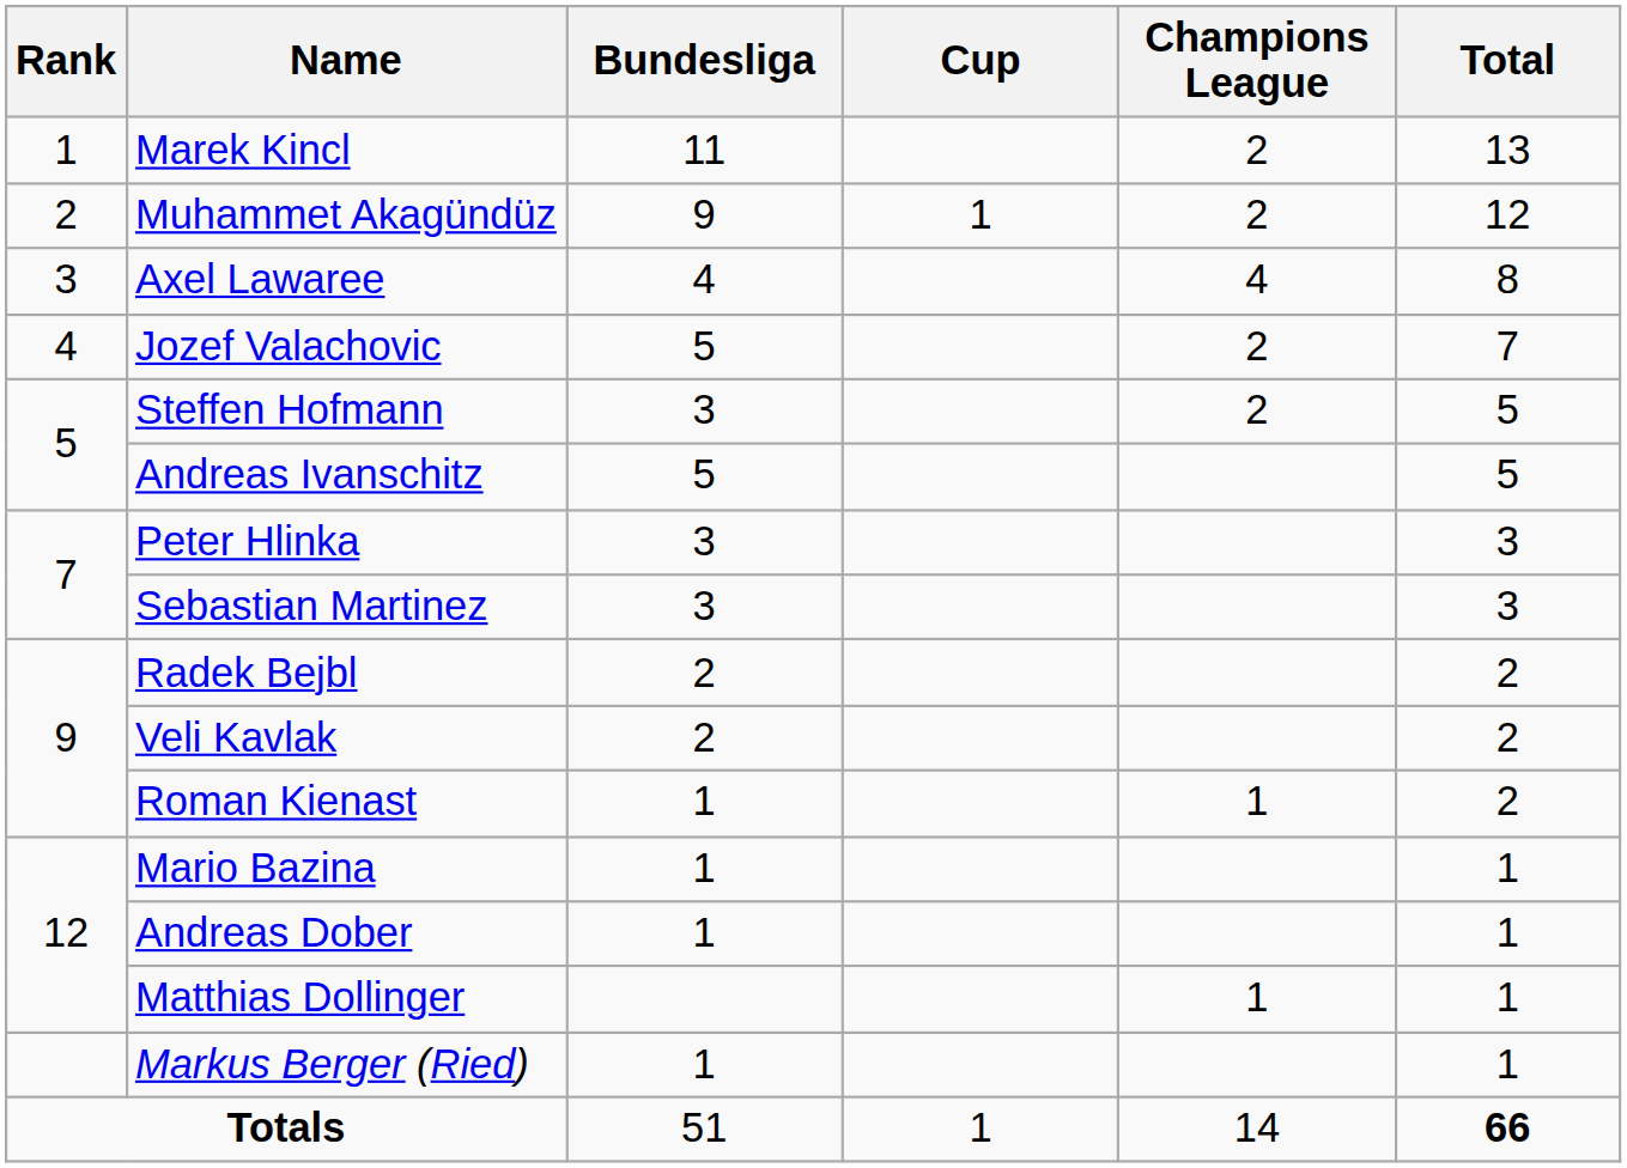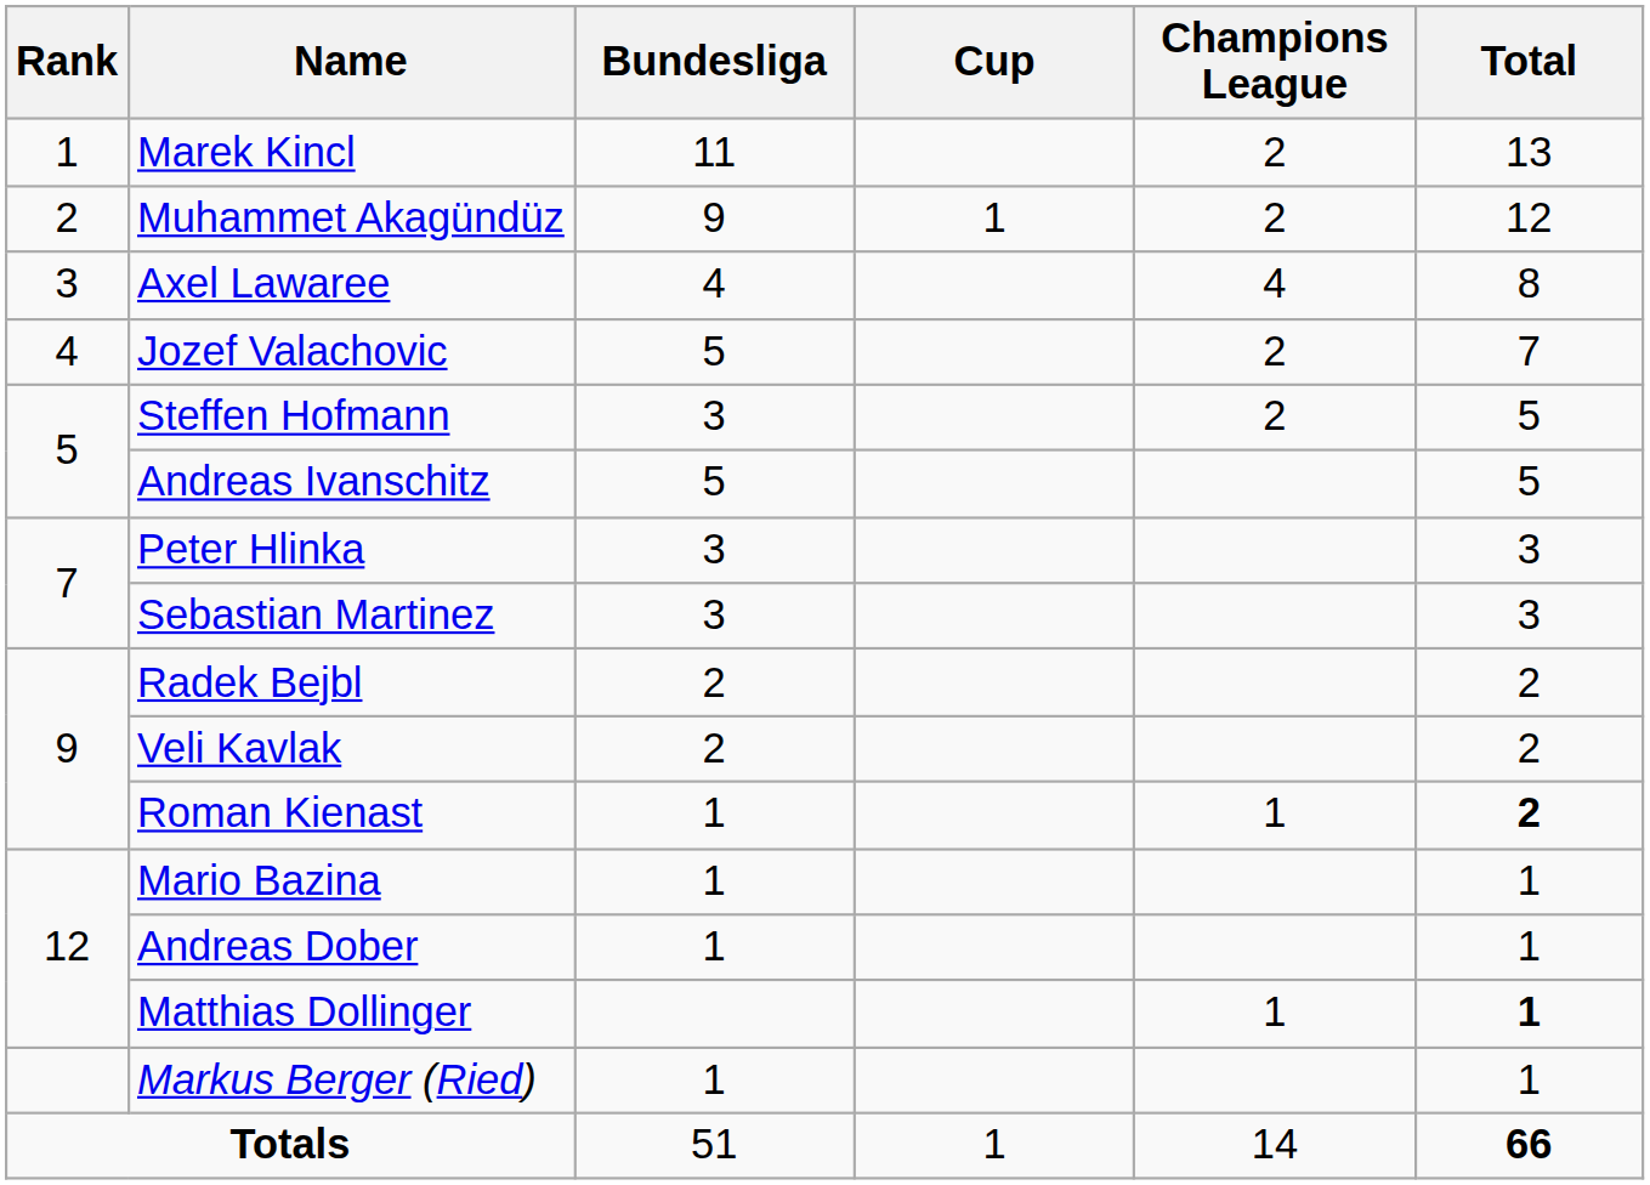 <table class="wikitable" style="text-align: center;">
 <tr>
 <th>Rank</th>
 <th>Name</th>
 <th width=100>Bundesliga</th>
 <th width=100>Cup</th>
 <th width=100>Champions League</th>
 <th width=80><strong>Total</strong></th>
 </tr>
 <tr>
 <td>1</td>
 <td align="left"> <a href='#'>Marek Kincl</a></td>
 <td>11</td>
 <td></td>
 <td>2</td>
 <td>13</td>
 </tr>
 <tr>
 <td>2</td>
 <td align="left"> <a href='#'>Muhammet Akagündüz</a></td>
 <td>9</td>
 <td>1</td>
 <td>2</td>
 <td>12</td>
 </tr>
 <tr>
 <td>3</td>
 <td align="left"> <a href='#'>Axel Lawaree</a></td>
 <td>4</td>
 <td></td>
 <td>4</td>
 <td>8</td>
 </tr>
 <tr>
 <td>4</td>
 <td align="left"> <a href='#'>Jozef Valachovic</a></td>
 <td>5</td>
 <td></td>
 <td>2</td>
 <td>7</td>
 </tr>
 <tr>
 <td rowspan="2">5</td>
 <td align="left"> <a href='#'>Steffen Hofmann</a></td>
 <td>3</td>
 <td></td>
 <td>2</td>
 <td>5</td>
 </tr>
 <tr>
 <td align="left"> <a href='#'>Andreas Ivanschitz</a></td>
 <td>5</td>
 <td></td>
 <td></td>
 <td>5</td>
 </tr>
 <tr>
 <td rowspan="2">7</td>
 <td align="left"> <a href='#'>Peter Hlinka</a></td>
 <td>3</td>
 <td></td>
 <td></td>
 <td>3</td>
 </tr>
 <tr>
 <td align="left"> <a href='#'>Sebastian Martinez</a></td>
 <td>3</td>
 <td></td>
 <td></td>
 <td>3</td>
 </tr>
 <tr>
 <td rowspan="3">9</td>
 <td align="left"> <a href='#'>Radek Bejbl</a></td>
 <td>2</td>
 <td></td>
 <td></td>
 <td>2</td>
 </tr>
 <tr>
 <td align="left"> <a href='#'>Veli Kavlak</a></td>
 <td>2</td>
 <td></td>
 <td></td>
 <td>2</td>
 </tr>
 <tr>
 <td align="left"> <a href='#'>Roman Kienast</a></td>
 <td>1</td>
 <td></td>
 <td>1</td>
-<td>2</td>
+<td><strong>2</strong></td>
 </tr>
 <tr>
 <td rowspan="3">12</td>
 <td align="left"> <a href='#'>Mario Bazina</a></td>
 <td>1</td>
 <td></td>
 <td></td>
 <td>1</td>
 </tr>
 <tr>
 <td align="left"> <a href='#'>Andreas Dober</a></td>
 <td>1</td>
 <td></td>
 <td></td>
 <td>1</td>
 </tr>
 <tr>
 <td align="left"> <a href='#'>Matthias Dollinger</a></td>
 <td></td>
 <td></td>
 <td>1</td>
-<td>1</td>
+<td><strong>1</strong></td>
 </tr>
 <tr>
 <td rowspan="1"></td>
 <td align="left"> <em><a href='#'>Markus Berger</a> (<a href='#'>Ried</a>)</em></td>
 <td>1</td>
 <td></td>
 <td></td>
 <td>1</td>
 </tr>
 <tr>
 <td colspan="2"><strong>Totals</strong></td>
 <td>51</td>
 <td>1</td>
 <td>14</td>
 <td><strong>66</strong></td>
 </tr>
 </table>
